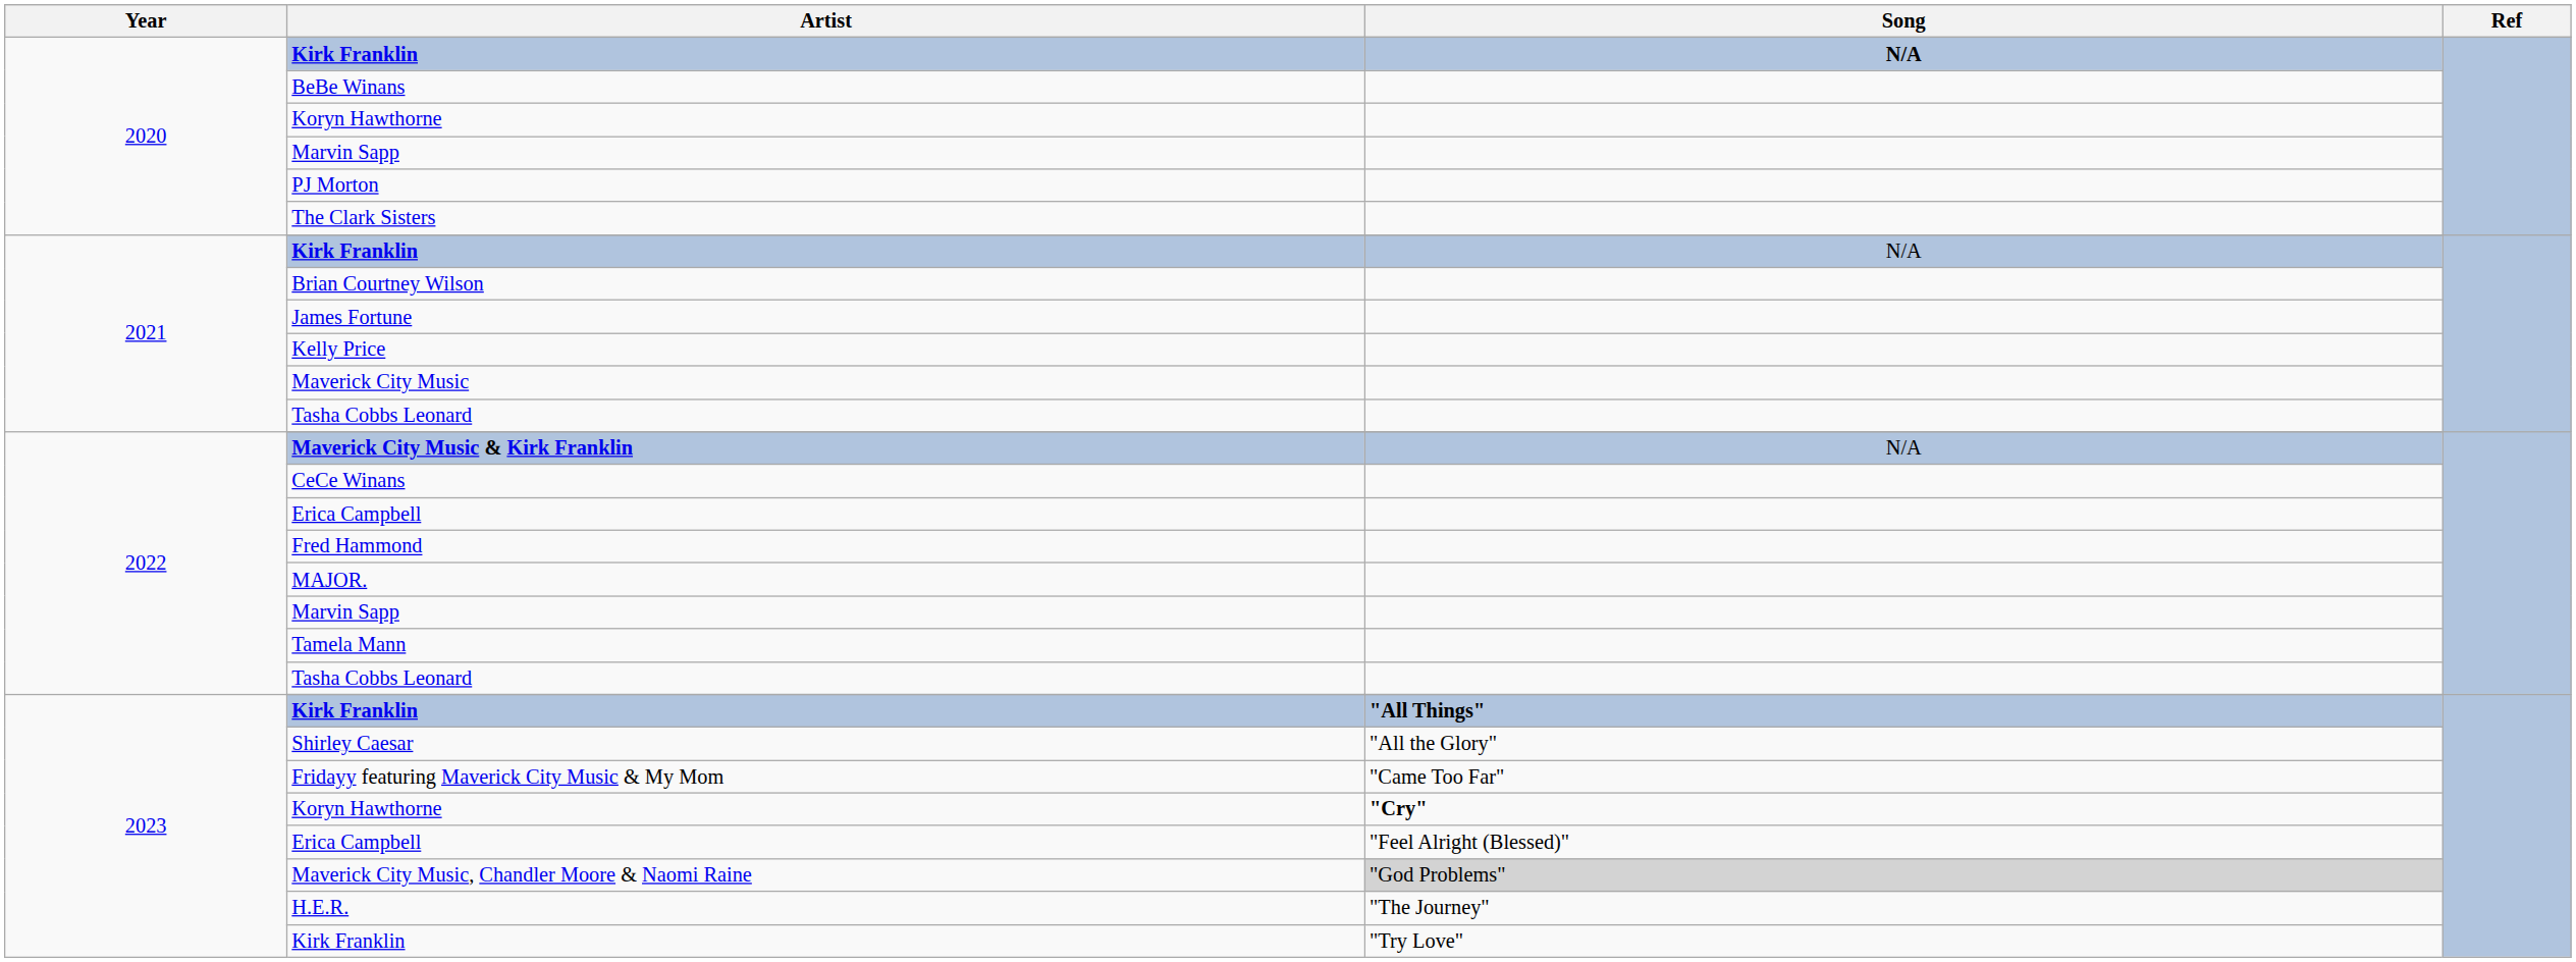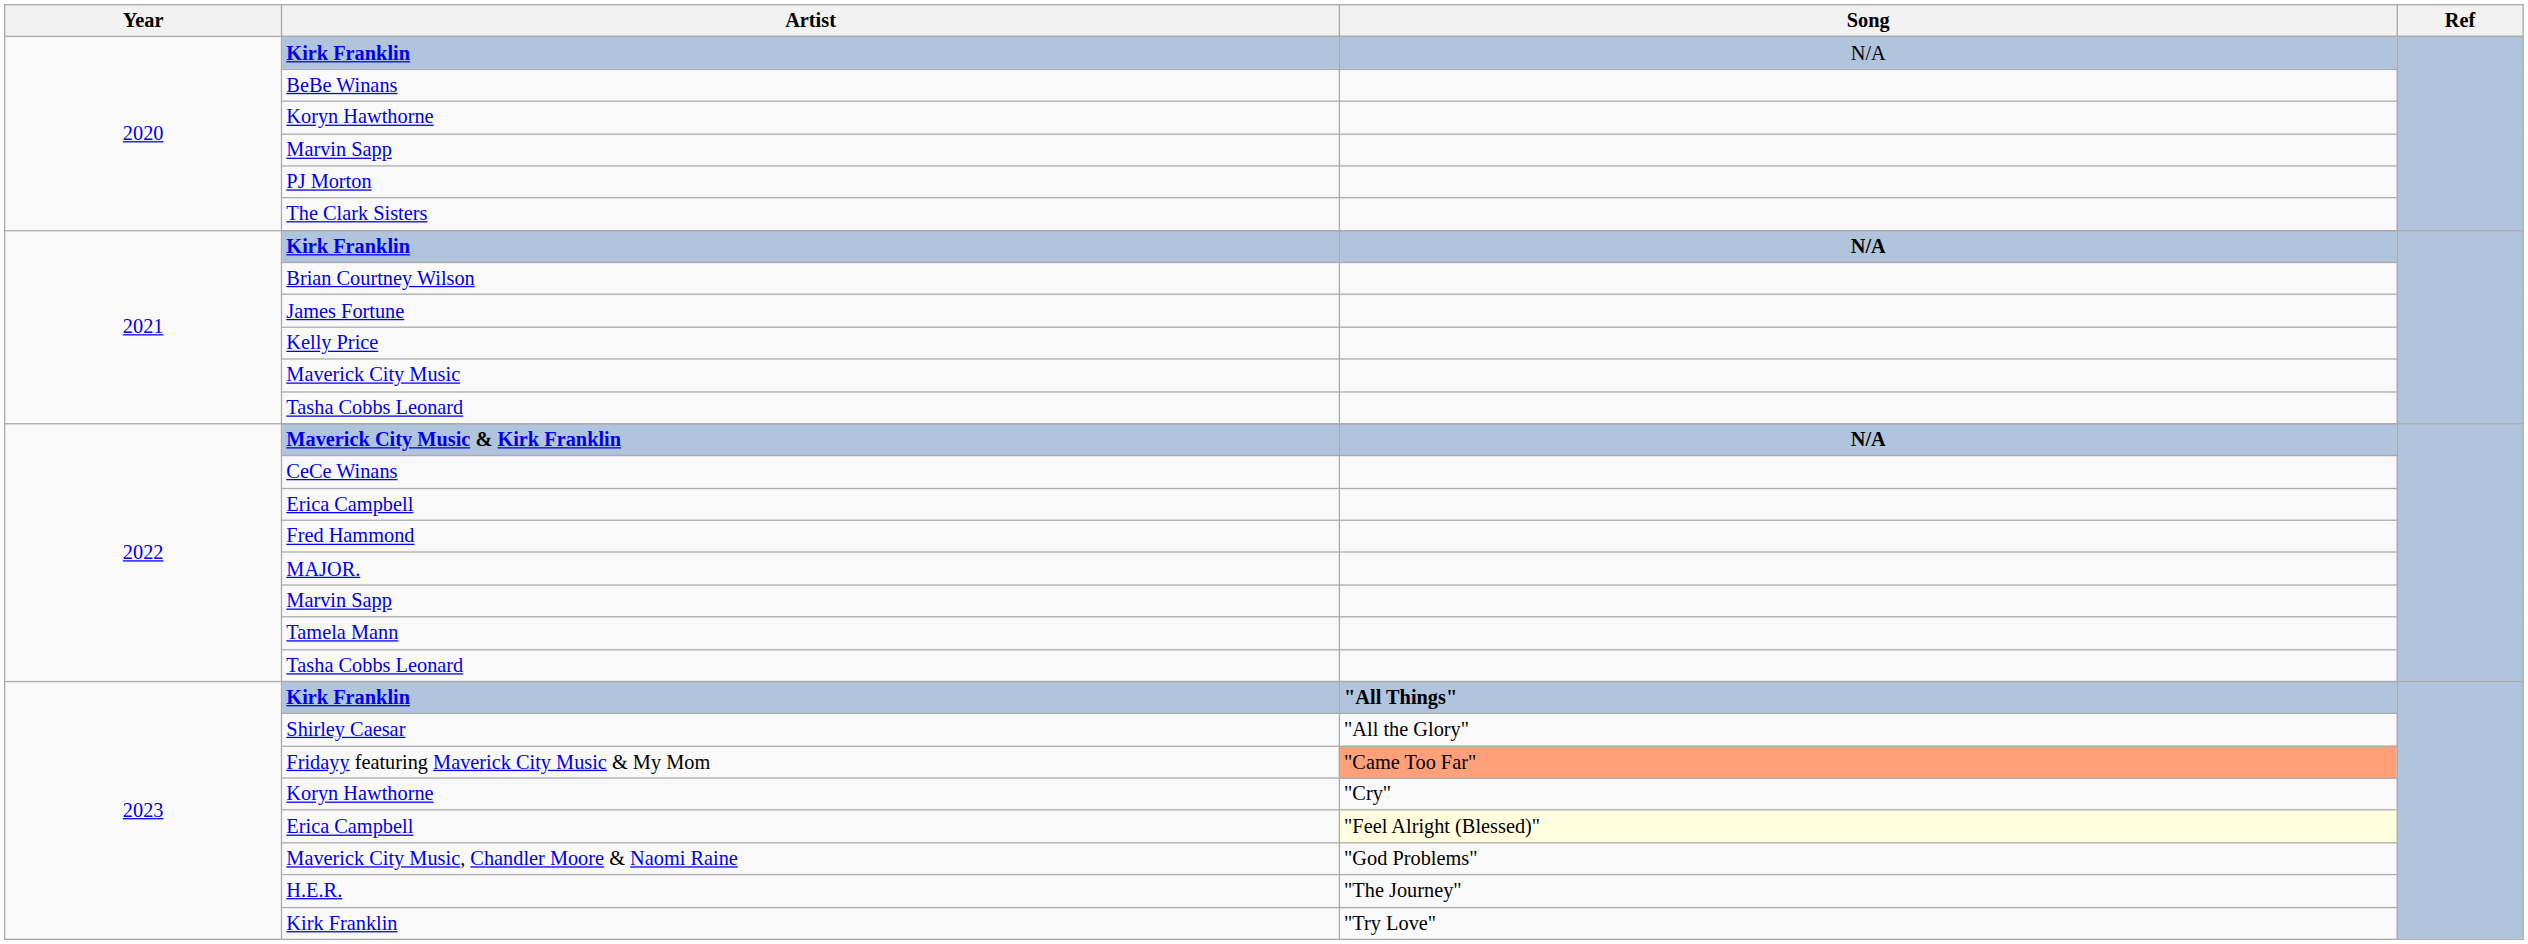 <table class="wikitable" style="width:100%;">
 <tr style="background:#bebebe;">
 <th style="width:11%;">Year</th>
 <th style="width:42%;">Artist</th>
 <th style="width:42%;">Song</th>
 <th style="width:5%;">Ref</th>
 </tr>
 <tr>
 <td rowspan="7" align="center"><a href='#'>2020</a></td>
 </tr>
 <tr style="background:#B0C4DE">
 <td><strong><a href='#'>Kirk Franklin</a></strong></td>
-<td align="center"><strong>N/A</strong></td>
+<td align="center">N/A</td>
 <td rowspan="7" align="center"></td>
 </tr>
 <tr>
 <td><a href='#'>BeBe Winans</a></td>
 <td></td>
 </tr>
 <tr>
 <td><a href='#'>Koryn Hawthorne</a></td>
 <td></td>
 </tr>
 <tr>
 <td><a href='#'>Marvin Sapp</a></td>
 <td></td>
 </tr>
 <tr>
 <td><a href='#'>PJ Morton</a></td>
 <td></td>
 </tr>
 <tr>
 <td><a href='#'>The Clark Sisters</a></td>
 <td></td>
 </tr>
 <tr>
 <td rowspan="7" align="center"><a href='#'>2021</a></td>
 </tr>
 <tr style="background:#B0C4DE">
 <td><strong><a href='#'>Kirk Franklin</a></strong></td>
-<td align="center">N/A</td>
+<td align="center"><strong>N/A</strong></td>
 <td rowspan="7" align="center"></td>
 </tr>
 <tr>
 <td><a href='#'>Brian Courtney Wilson</a></td>
 <td></td>
 </tr>
 <tr>
 <td><a href='#'>James Fortune</a></td>
 <td></td>
 </tr>
 <tr>
 <td><a href='#'>Kelly Price</a></td>
 <td></td>
 </tr>
 <tr>
 <td><a href='#'>Maverick City Music</a></td>
 <td></td>
 </tr>
 <tr>
 <td><a href='#'>Tasha Cobbs Leonard</a></td>
 <td></td>
 </tr>
 <tr>
 <td rowspan="9" align="center"><a href='#'>2022</a></td>
 </tr>
 <tr style="background:#B0C4DE">
 <td><strong><a href='#'>Maverick City Music</a> & <a href='#'>Kirk Franklin</a></strong></td>
-<td align="center">N/A</td>
+<td align="center"><strong>N/A</strong></td>
 <td rowspan="9" align="center"></td>
 </tr>
 <tr>
 <td><a href='#'>CeCe Winans</a></td>
 <td></td>
 </tr>
 <tr>
 <td><a href='#'>Erica Campbell</a></td>
 <td></td>
 </tr>
 <tr>
 <td><a href='#'>Fred Hammond</a></td>
 <td></td>
 </tr>
 <tr>
 <td><a href='#'>MAJOR.</a></td>
 <td></td>
 </tr>
 <tr>
 <td><a href='#'>Marvin Sapp</a></td>
 <td></td>
 </tr>
 <tr>
 <td><a href='#'>Tamela Mann</a></td>
 <td></td>
 </tr>
 <tr>
 <td><a href='#'>Tasha Cobbs Leonard</a></td>
 <td></td>
 </tr>
 <tr>
 <td rowspan="9" align="center"><a href='#'>2023</a></td>
 </tr>
 <tr style="background:#B0C4DE">
 <td><strong><a href='#'>Kirk Franklin</a></strong></td>
 <td><strong>"All Things"</strong></td>
 <td rowspan="9" align="center"></td>
 </tr>
 <tr>
 <td><a href='#'>Shirley Caesar</a></td>
 <td>"All the Glory"</td>
 </tr>
 <tr>
 <td><a href='#'>Fridayy</a> featuring <a href='#'>Maverick City Music</a> & My Mom</td>
-<td>"Came Too Far"</td>
+<td style="background: lightsalmon;">"Came Too Far"</td>
 </tr>
 <tr>
 <td><a href='#'>Koryn Hawthorne</a></td>
-<td><strong>"Cry"</strong></td>
+<td>"Cry"</td>
 </tr>
 <tr>
 <td><a href='#'>Erica Campbell</a></td>
-<td>"Feel Alright (Blessed)"</td>
+<td style="background: lightyellow;">"Feel Alright (Blessed)"</td>
 </tr>
 <tr>
 <td><a href='#'>Maverick City Music</a>, <a href='#'>Chandler Moore</a> & <a href='#'>Naomi Raine</a></td>
-<td style="background: lightgrey;">"God Problems"</td>
+<td>"God Problems"</td>
 </tr>
 <tr>
 <td><a href='#'>H.E.R.</a></td>
 <td>"The Journey"</td>
 </tr>
 <tr>
 <td><a href='#'>Kirk Franklin</a></td>
 <td>"Try Love"</td>
 </tr>
 </table>
